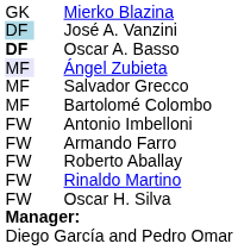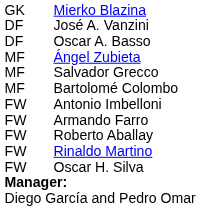 <table cellspacing="0" cellpadding="0" style="font-size:90%; margin:0.2em auto;">
 <tr>
 <th width="25"></th>
 <th width="25"></th>
 </tr>
 <tr>
 <td>GK</td>
 <td></td>
 <td> <a href='#'>Mierko Blazina</a></td>
 </tr>
 <tr>
-<td style="background: lightblue;">DF</td>
+<td>DF</td>
 <td></td>
 <td> José A. Vanzini</td>
 </tr>
 <tr>
-<td><strong>DF</strong></td>
+<td>DF</td>
 <td></td>
 <td> Oscar A. Basso</td>
 </tr>
 <tr>
-<td style="background: lavender;">MF</td>
+<td>MF</td>
 <td></td>
 <td> <a href='#'>Ángel Zubieta</a></td>
 </tr>
 <tr>
 <td>MF</td>
 <td></td>
 <td> Salvador Grecco</td>
 </tr>
 <tr>
 <td>MF</td>
 <td></td>
 <td> Bartolomé Colombo</td>
 </tr>
 <tr>
 <td>FW</td>
 <td></td>
 <td> Antonio Imbelloni</td>
 </tr>
 <tr>
 <td>FW</td>
 <td></td>
 <td> Armando Farro</td>
 </tr>
 <tr>
 <td>FW</td>
 <td></td>
 <td> Roberto Aballay</td>
 </tr>
 <tr>
 <td>FW</td>
 <td></td>
 <td> <a href='#'>Rinaldo Martino</a></td>
 </tr>
 <tr>
 <td>FW</td>
 <td></td>
 <td> Oscar H. Silva</td>
 </tr>
 <tr>
 <td colspan=3><strong>Manager:</strong></td>
 </tr>
 <tr>
 <td colspan=4> Diego García and Pedro Omar</td>
 </tr>
 </table>
